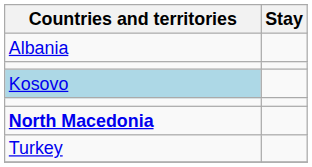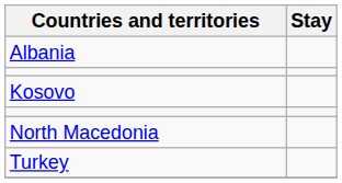 <table class="wikitable" style="font-size:90%">
 <tr>
 <th width="200">Countries and territories</th>
 <th>Stay</th>
 </tr>
 <tr>
 <td> <a href='#'>Albania</a></td>
 <td></td>
 </tr>
 <tr>
 <td></td>
 <td></td>
 </tr>
 <tr>
-<td style="background: lightblue;"> <a href='#'>Kosovo</a></td>
+<td> <a href='#'>Kosovo</a></td>
 <td></td>
 </tr>
 <tr>
 <td></td>
 <td></td>
 </tr>
 <tr>
-<td><strong> <a href='#'>North Macedonia</a></strong></td>
+<td> <a href='#'>North Macedonia</a></td>
 <td></td>
 </tr>
 <tr>
 <td> <a href='#'>Turkey</a></td>
 <td></td>
 </tr>
 <tr>
 </tr>
 </table>
